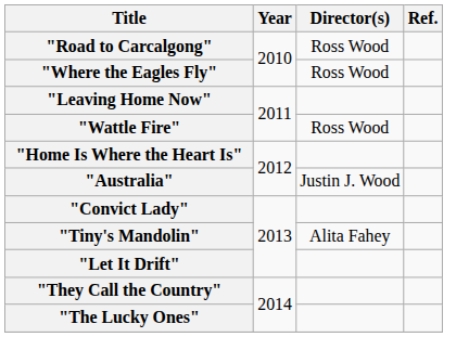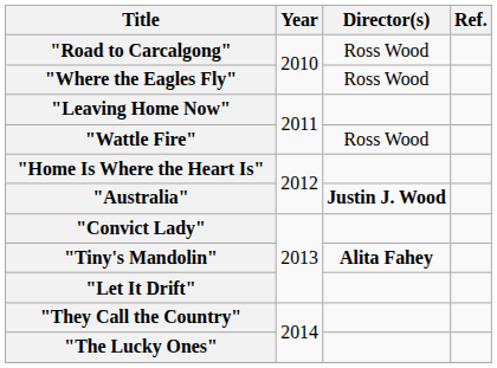 <table class="wikitable plainrowheaders" style="text-align:center;" border="1">
 <tr>
 <th scope="col" style="width:14em;">Title</th>
 <th scope="col">Year</th>
 <th scope="col">Director(s)</th>
 <th scope="col">Ref.</th>
 </tr>
 <tr>
 <th scope="row">"Road to Carcalgong"</th>
 <td rowspan="2">2010</td>
 <td>Ross Wood</td>
 <td></td>
 </tr>
 <tr>
 <th scope="row">"Where the Eagles Fly"</th>
 <td>Ross Wood</td>
 <td></td>
 </tr>
 <tr>
 <th scope="row">"Leaving Home Now"</th>
 <td rowspan="2">2011</td>
 <td></td>
 <td></td>
 </tr>
 <tr>
 <th scope="row">"Wattle Fire"</th>
 <td>Ross Wood</td>
 <td></td>
 </tr>
 <tr>
 <th scope="row">"Home Is Where the Heart Is"</th>
 <td rowspan="2">2012</td>
 <td></td>
 <td></td>
 </tr>
 <tr>
 <th scope="row">"Australia"</th>
-<td>Justin J. Wood</td>
+<td><strong>Justin J. Wood</strong></td>
 <td></td>
 </tr>
 <tr>
 <th scope="row">"Convict Lady"</th>
 <td rowspan="3">2013</td>
 <td></td>
 <td></td>
 </tr>
 <tr>
 <th scope="row">"Tiny's Mandolin"</th>
-<td>Alita Fahey</td>
+<td><strong>Alita Fahey</strong></td>
 <td></td>
 </tr>
 <tr>
 <th scope="row">"Let It Drift"</th>
 <td></td>
 <td></td>
 </tr>
 <tr>
 <th scope="row">"They Call the Country"</th>
 <td rowspan="2">2014</td>
 <td></td>
 <td></td>
 </tr>
 <tr>
 <th scope="row">"The Lucky Ones"</th>
 <td></td>
 <td></td>
 </tr>
 <tr>
 </tr>
 </table>
